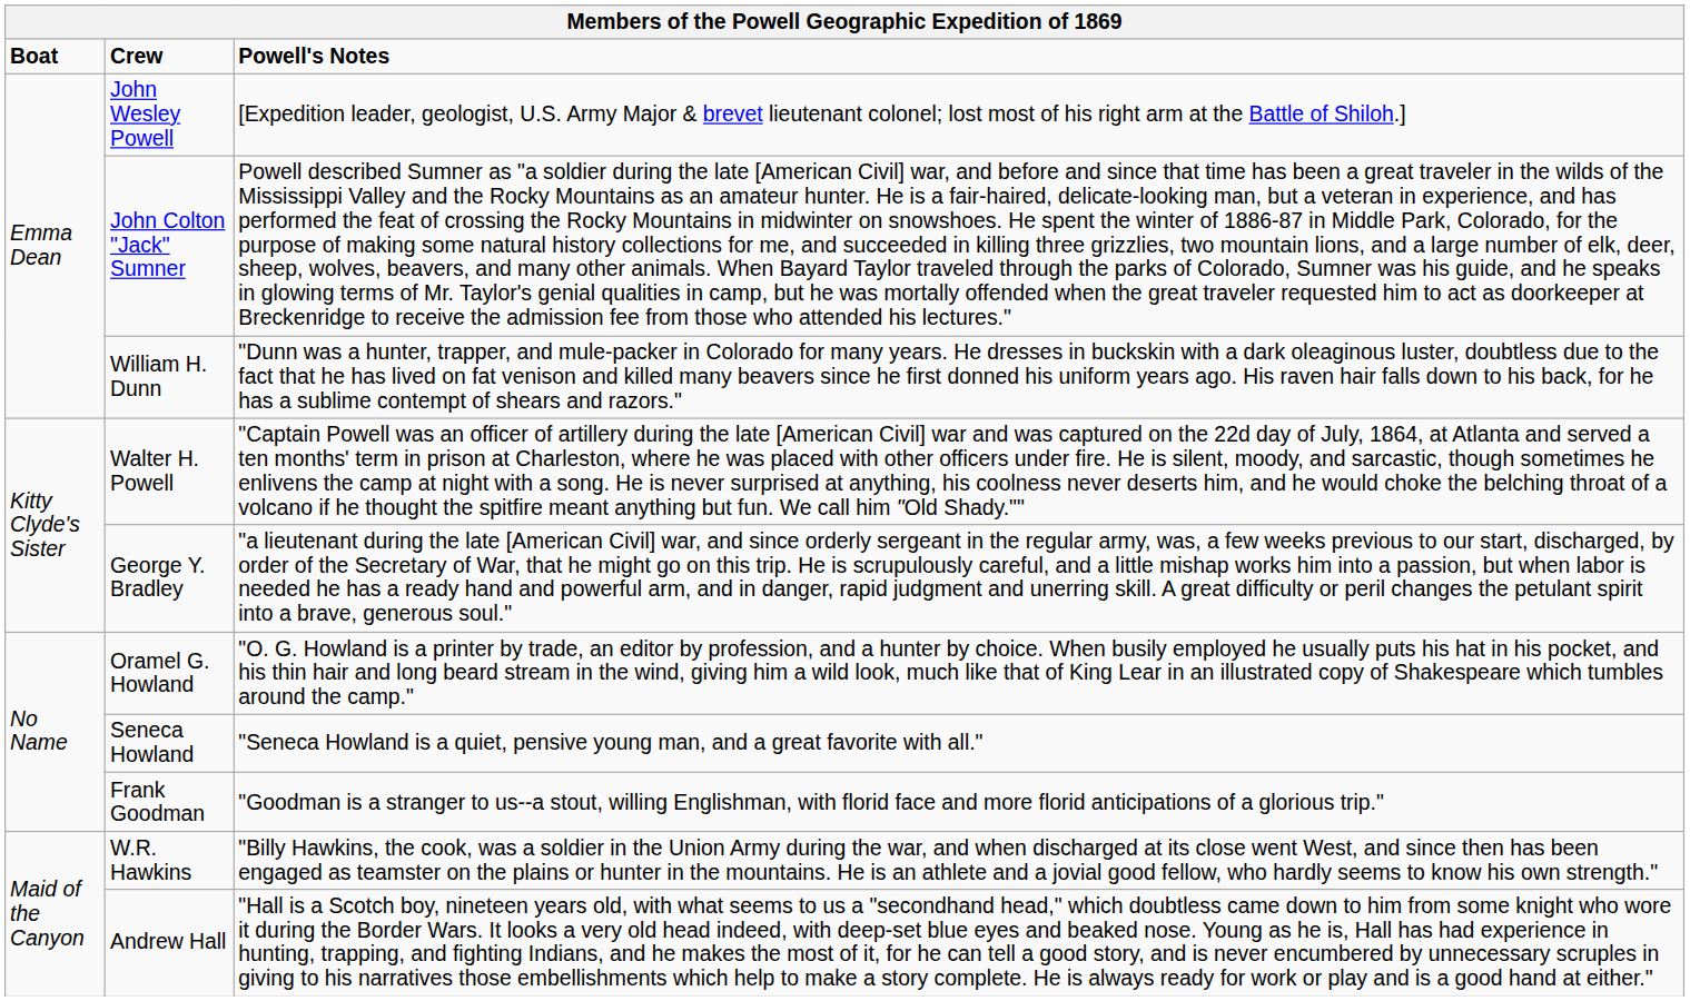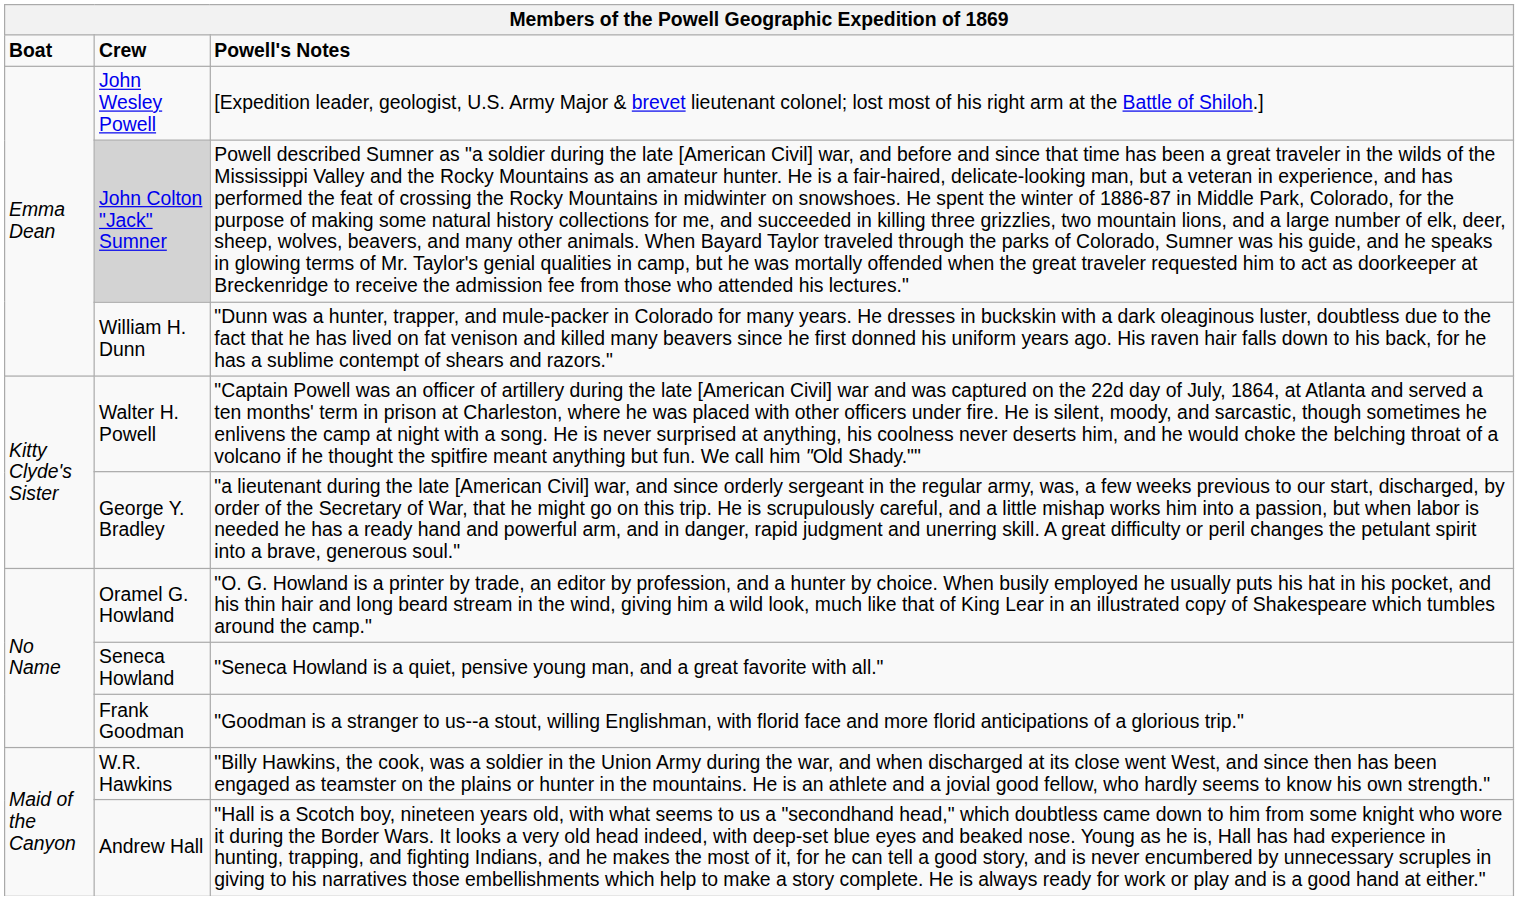 <table class="wikitable">
 <tr>
 <th colspan="3">Members of the Powell Geographic Expedition of 1869</th>
 </tr>
 <tr>
 <td><strong>Boat</strong></td>
 <td><strong>Crew</strong></td>
 <td><strong>Powell's Notes</strong></td>
 </tr>
 <tr>
 <td rowspan="3"><em>Emma Dean</em></td>
 <td><a href='#'>John Wesley Powell</a></td>
 <td>[Expedition leader, geologist, U.S. Army Major & <a href='#'>brevet</a> lieutenant colonel; lost most of his right arm at the <a href='#'>Battle of Shiloh</a>.]</td>
 </tr>
 <tr>
-<td><a href='#'>John Colton "Jack" Sumner</a></td>
+<td style="background: lightgrey;"><a href='#'>John Colton "Jack" Sumner</a></td>
 <td>Powell described Sumner as "a soldier during the late [American Civil] war, and before and since that time has been a great traveler in the wilds of the Mississippi Valley and the Rocky Mountains as an amateur hunter. He is a fair-haired, delicate-looking man, but a veteran in experience, and has performed the feat of crossing the Rocky Mountains in midwinter on snowshoes. He spent the winter of 1886-87 in Middle Park, Colorado, for the purpose of making some natural history collections for me, and succeeded in killing three grizzlies, two mountain lions, and a large number of elk, deer, sheep, wolves, beavers, and many other animals. When Bayard Taylor traveled through the parks of Colorado, Sumner was his guide, and he speaks in glowing terms of Mr. Taylor's genial qualities in camp, but he was mortally offended when the great traveler requested him to act as doorkeeper at Breckenridge to receive the admission fee from those who attended his lectures."</td>
 </tr>
 <tr>
 <td>William H. Dunn</td>
 <td>"Dunn was a hunter, trapper, and mule-packer in Colorado for many years. He dresses in buckskin with a dark oleaginous luster, doubtless due to the fact that he has lived on fat venison and killed many beavers since he first donned his uniform years ago. His raven hair falls down to his back, for he has a sublime contempt of shears and razors."</td>
 </tr>
 <tr>
 <td rowspan="2"><em>Kitty Clyde's Sister</em></td>
 <td>Walter H. Powell</td>
 <td>"Captain Powell was an officer of artillery during the late [American Civil] war and was captured on the 22d day of July, 1864, at Atlanta and served a ten months' term in prison at Charleston, where he was placed with other officers under fire. He is silent, moody, and sarcastic, though sometimes he enlivens the camp at night with a song. He is never surprised at anything, his coolness never deserts him, and he would choke the belching throat of a volcano if he thought the spitfire meant anything but fun. We call him <em>"</em>Old Shady.""</td>
 </tr>
 <tr>
 <td>George Y. Bradley</td>
 <td>"a lieutenant during the late [American Civil] war, and since orderly sergeant in the regular army, was, a few weeks previous to our start, discharged, by order of the Secretary of War, that he might go on this trip. He is scrupulously careful, and a little mishap works him into a passion, but when labor is needed he has a ready hand and powerful arm, and in danger, rapid judgment and unerring skill. A great difficulty or peril changes the petulant spirit into a brave, generous soul."</td>
 </tr>
 <tr>
 <td rowspan="3"><em>No Name</em></td>
 <td>Oramel G. Howland</td>
 <td>"O. G. Howland is a printer by trade, an editor by profession, and a hunter by choice. When busily employed he usually puts his hat in his pocket, and his thin hair and long beard stream in the wind, giving him a wild look, much like that of King Lear in an illustrated copy of Shakespeare which tumbles around the camp."</td>
 </tr>
 <tr>
 <td>Seneca Howland</td>
 <td>"Seneca Howland is a quiet, pensive young man, and a great favorite with all."</td>
 </tr>
 <tr>
 <td>Frank Goodman</td>
 <td>"Goodman is a stranger to us--a stout, willing Englishman, with florid face and more florid anticipations of a glorious trip."</td>
 </tr>
 <tr>
 <td rowspan="2"><em>Maid of the Canyon</em></td>
 <td>W.R. Hawkins</td>
 <td>"Billy Hawkins, the cook, was a soldier in the Union Army during the war, and when discharged at its close went West, and since then has been engaged as teamster on the plains or hunter in the mountains. He is an athlete and a jovial good fellow, who hardly seems to know his own strength."</td>
 </tr>
 <tr>
 <td>Andrew Hall</td>
 <td>"Hall is a Scotch boy, nineteen years old, with what seems to us a "secondhand head," which doubtless came down to him from some knight who wore it during the Border Wars. It looks a very old head indeed, with deep-set blue eyes and beaked nose. Young as he is, Hall has had experience in hunting, trapping, and fighting Indians, and he makes the most of it, for he can tell a good story, and is never encumbered by unnecessary scruples in giving to his narratives those embellishments which help to make a story complete. He is always ready for work or play and is a good hand at either."</td>
 </tr>
 </table>
